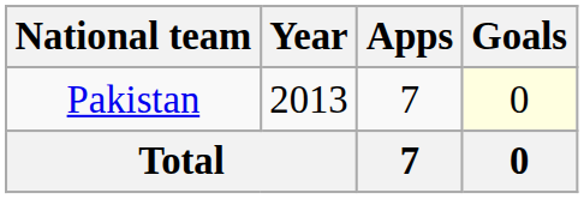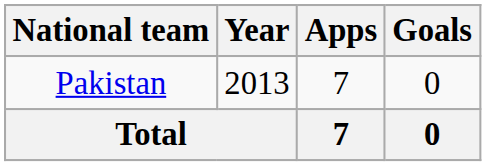 <table class="wikitable" style="text-align:center">
 <tr>
 <th>National team</th>
 <th>Year</th>
 <th>Apps</th>
 <th>Goals</th>
 </tr>
 <tr>
 <td><a href='#'>Pakistan</a></td>
 <td>2013</td>
 <td>7</td>
-<td style="background: lightyellow;">0</td>
+<td>0</td>
 </tr>
 <tr>
 <th colspan="2">Total</th>
 <th>7</th>
 <th>0</th>
 </tr>
 </table>
